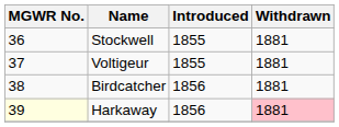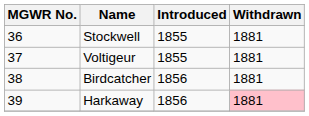 <table class="wikitable">
 <tr>
 <th>MGWR No.</th>
 <th>Name</th>
 <th>Introduced</th>
 <th>Withdrawn</th>
 </tr>
 <tr>
 <td>36</td>
 <td>Stockwell</td>
 <td>1855</td>
 <td>1881</td>
 </tr>
 <tr>
 <td>37</td>
 <td>Voltigeur</td>
 <td>1855</td>
 <td>1881</td>
 </tr>
 <tr>
 <td>38</td>
 <td>Birdcatcher</td>
 <td>1856</td>
 <td>1881</td>
 </tr>
 <tr>
-<td style="background: lightyellow;">39</td>
+<td>39</td>
 <td>Harkaway</td>
 <td>1856</td>
 <td style="background: pink;">1881</td>
 </tr>
 <tr>
 </tr>
 </table>
